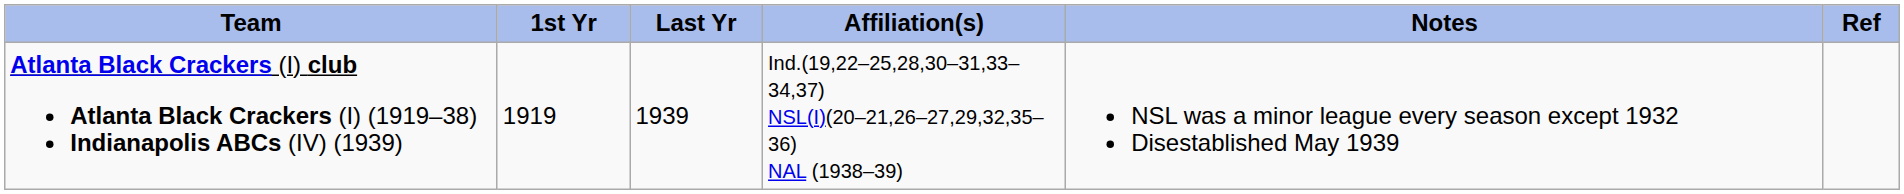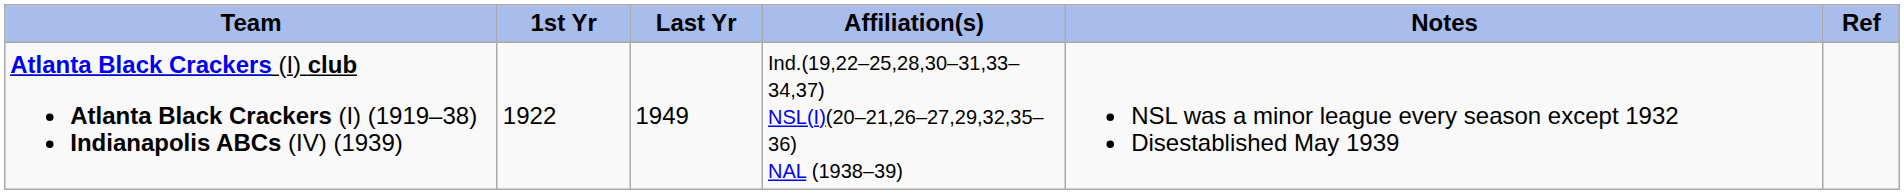 <table class="wikitable" style="width: 100%">
 <tr>
 <th style="background:#a8bdec; width:26%;">Team</th>
 <th style="width:7%; background:#a8bdec;">1st Yr</th>
 <th style="width:7%; background:#a8bdec;">Last Yr</th>
 <th style="width:16%; background:#a8bdec;">Affiliation(s)</th>
 <th style="width:40%; background:#a8bdec;">Notes</th>
 <th style="width:4%; background:#a8bdec;">Ref</th>
 </tr>
 <tr id="Atlanta Black Crackers (I)">
 <td><u><strong><a href='#'>Atlanta Black Crackers</a></strong> (I) <strong>club</strong></u><br><ul><li><strong>Atlanta Black Crackers</strong> (I) (1919–38)</li><li><strong>Indianapolis ABCs</strong> (IV) (1939)</li></ul></td>
-<td>1919</td>
-<td>1939</td>
+<td>1922</td>
+<td>1949</td>
 <td><small>Ind.(19,22–25,28,30–31,33–34,37)<br><a href='#'>NSL(I)</a>(20–21,26–27,29,32,35–36)<br><a href='#'>NAL</a> (1938–39)</small></td>
 <td><br><ul><li>NSL was a minor league every season except 1932</li><li>Disestablished May 1939</li></ul></td>
 <td></td>
 </tr>
 </table>
